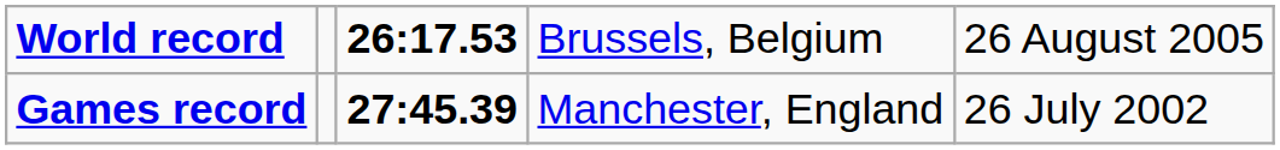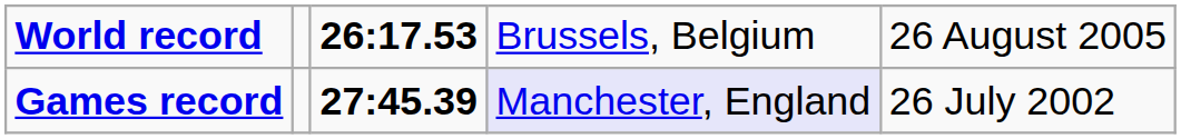 <table class="wikitable">
 <tr>
 <td><a href='#'><strong>World record</strong></a></td>
 <td></td>
 <td><strong>26:17.53</strong></td>
 <td><a href='#'>Brussels</a>, Belgium</td>
 <td>26 August 2005</td>
 </tr>
 <tr>
 <td><a href='#'><strong>Games record</strong></a></td>
 <td></td>
 <td><strong>27:45.39</strong></td>
-<td><a href='#'>Manchester</a>, England</td>
+<td style="background: lavender;"><a href='#'>Manchester</a>, England</td>
 <td>26 July 2002</td>
 </tr>
 </table>
